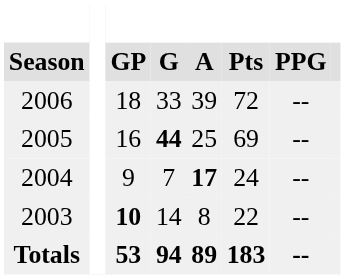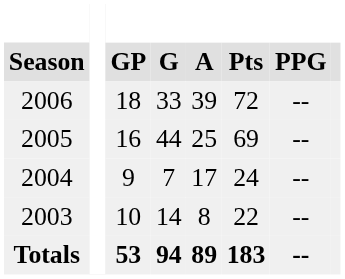 <table BORDER="0" CELLPADDING="3" CELLSPACING="0">
 <tr ALIGN="center" bgcolor="#e0e0e0">
 <th colspan="1" bgcolor="#ffffff"> </th>
 <th rowspan="99" bgcolor="#ffffff"> </th>
 </tr>
 <tr ALIGN="center" bgcolor="#e0e0e0">
 <th>Season</th>
 <th>GP</th>
 <th>G</th>
 <th>A</th>
 <th>Pts</th>
 <th>PPG</th>
 <th></th>
 </tr>
 <tr ALIGN="center" bgcolor="#f0f0f0">
 <td>2006</td>
 <td>18</td>
 <td>33</td>
 <td>39</td>
 <td>72</td>
 <td>--</td>
 <td></td>
 </tr>
 <tr ALIGN="center" bgcolor="#f0f0f0">
 <td>2005</td>
 <td>16</td>
-<td><strong>44</strong></td>
+<td>44</td>
 <td>25</td>
 <td>69</td>
 <td>--</td>
 <td></td>
 </tr>
 <tr ALIGN="center" bgcolor="#f0f0f0">
 <td>2004</td>
 <td>9</td>
 <td>7</td>
-<td><strong>17</strong></td>
+<td>17</td>
 <td>24</td>
 <td>--</td>
 <td></td>
 </tr>
 <tr ALIGN="center" bgcolor="#f0f0f0">
 <td>2003</td>
-<td><strong>10</strong></td>
+<td>10</td>
 <td>14</td>
 <td>8</td>
 <td>22</td>
 <td>--</td>
 <td></td>
 </tr>
 <tr ALIGN="center" bgcolor="#f0f0f0">
 <th colspan="1.5">Totals</th>
 <th>53</th>
 <th>94</th>
 <th>89</th>
 <th>183</th>
 <th>--</th>
 <th></th>
 </tr>
 </table>
